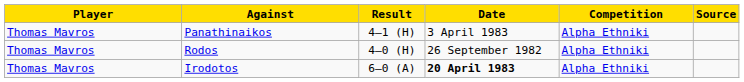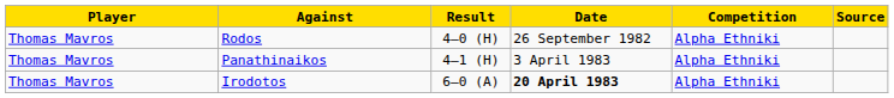 <table class="wikitable">
 <tr>
 <th width=200 style="background:#FFDE00">Player</th>
 <th width=200 style="background:#FFDE00">Against</th>
 <th width=70 style="background:#FFDE00">Result</th>
 <th width=150 style="background:#FFDE00">Date</th>
 <th width=150 style="background:#FFDE00">Competition</th>
 <th style="background:#FFDE00">Source</th>
 </tr>
 <tr>
 <td> <a href='#'>Thomas Mavros</a></td>
-<td> <a href='#'>Panathinaikos</a></td>
-<td align=center>4–1 (H)</td>
-<td>3 April 1983</td>
+<td> <a href='#'>Rodos</a></td>
+<td align=center>4–0 (H)</td>
+<td>26 September 1982</td>
 <td><a href='#'>Alpha Ethniki</a></td>
 <td align=center></td>
 </tr>
 <tr>
 <td> <a href='#'>Thomas Mavros</a></td>
-<td> <a href='#'>Rodos</a></td>
-<td align=center>4–0 (H)</td>
-<td>26 September 1982</td>
+<td> <a href='#'>Panathinaikos</a></td>
+<td align=center>4–1 (H)</td>
+<td>3 April 1983</td>
 <td><a href='#'>Alpha Ethniki</a></td>
 <td align=center></td>
 </tr>
 <tr>
 <td> <a href='#'>Thomas Mavros</a></td>
 <td> <a href='#'>Irodotos</a></td>
 <td align=center>6–0 (A)</td>
 <td><strong>20 April 1983</strong></td>
 <td><a href='#'>Alpha Ethniki</a></td>
 <td align=center></td>
 </tr>
 </table>
